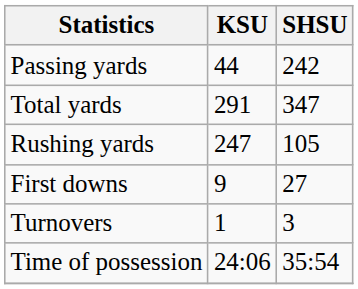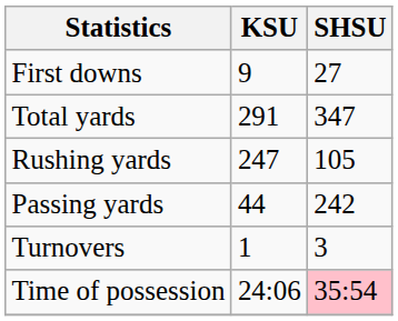 <table class="wikitable" style="float: left;">
 <tr>
 <th>Statistics</th>
 <th>KSU</th>
 <th>SHSU</th>
 </tr>
 <tr>
-<td>Passing yards</td>
-<td>44</td>
-<td>242</td>
+<td>First downs</td>
+<td>9</td>
+<td>27</td>
 </tr>
 <tr>
 <td>Total yards</td>
 <td>291</td>
 <td>347</td>
 </tr>
 <tr>
 <td>Rushing yards</td>
 <td>247</td>
 <td>105</td>
 </tr>
 <tr>
-<td>First downs</td>
-<td>9</td>
-<td>27</td>
+<td>Passing yards</td>
+<td>44</td>
+<td>242</td>
 </tr>
 <tr>
 <td>Turnovers</td>
 <td>1</td>
 <td>3</td>
 </tr>
 <tr>
 <td>Time of possession</td>
 <td>24:06</td>
-<td>35:54</td>
+<td style="background: pink;">35:54</td>
 </tr>
 <tr>
 </tr>
 </table>
